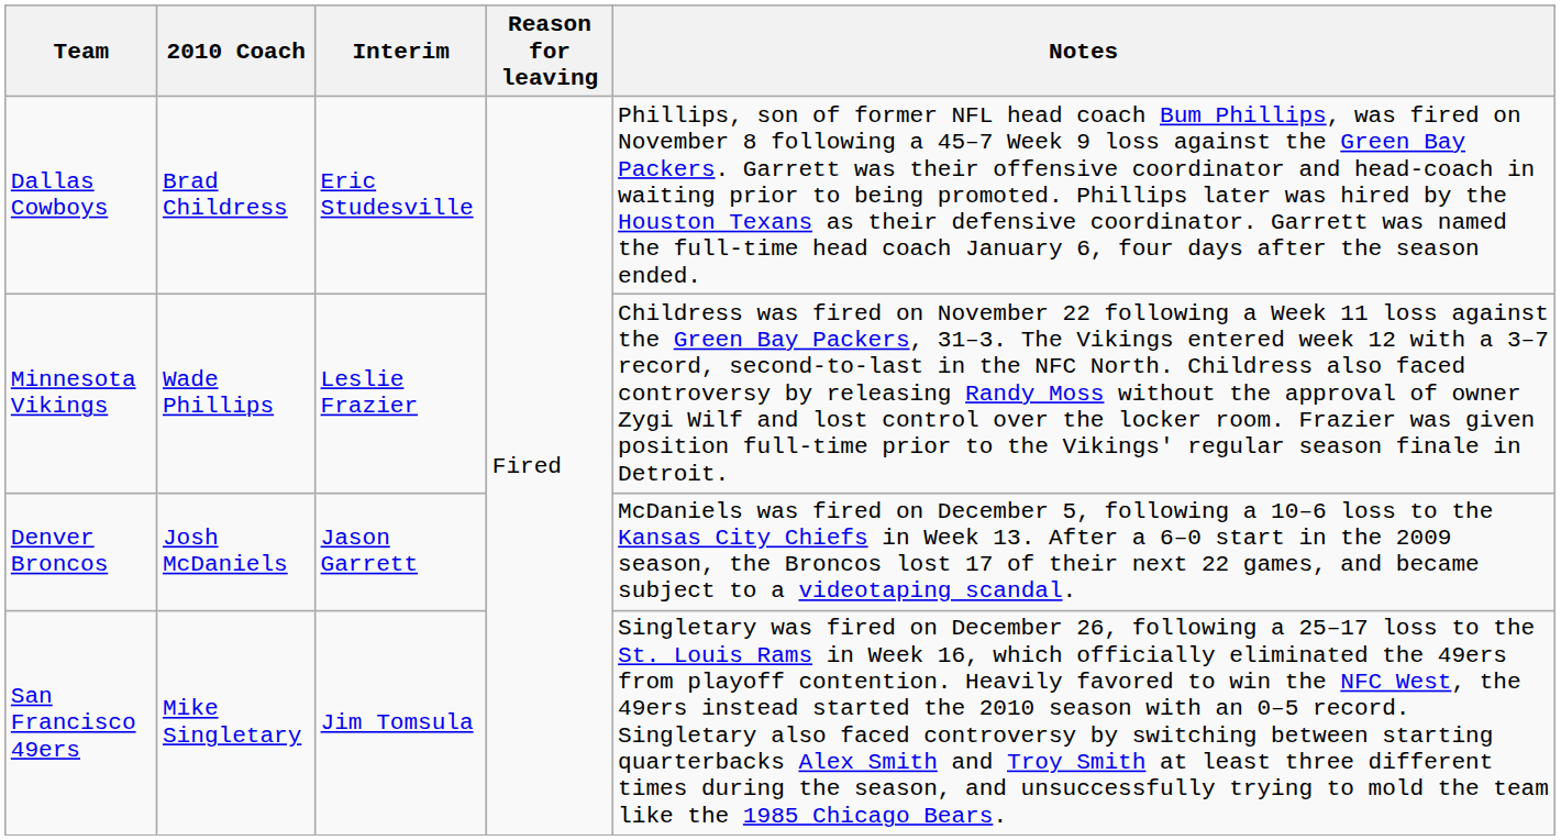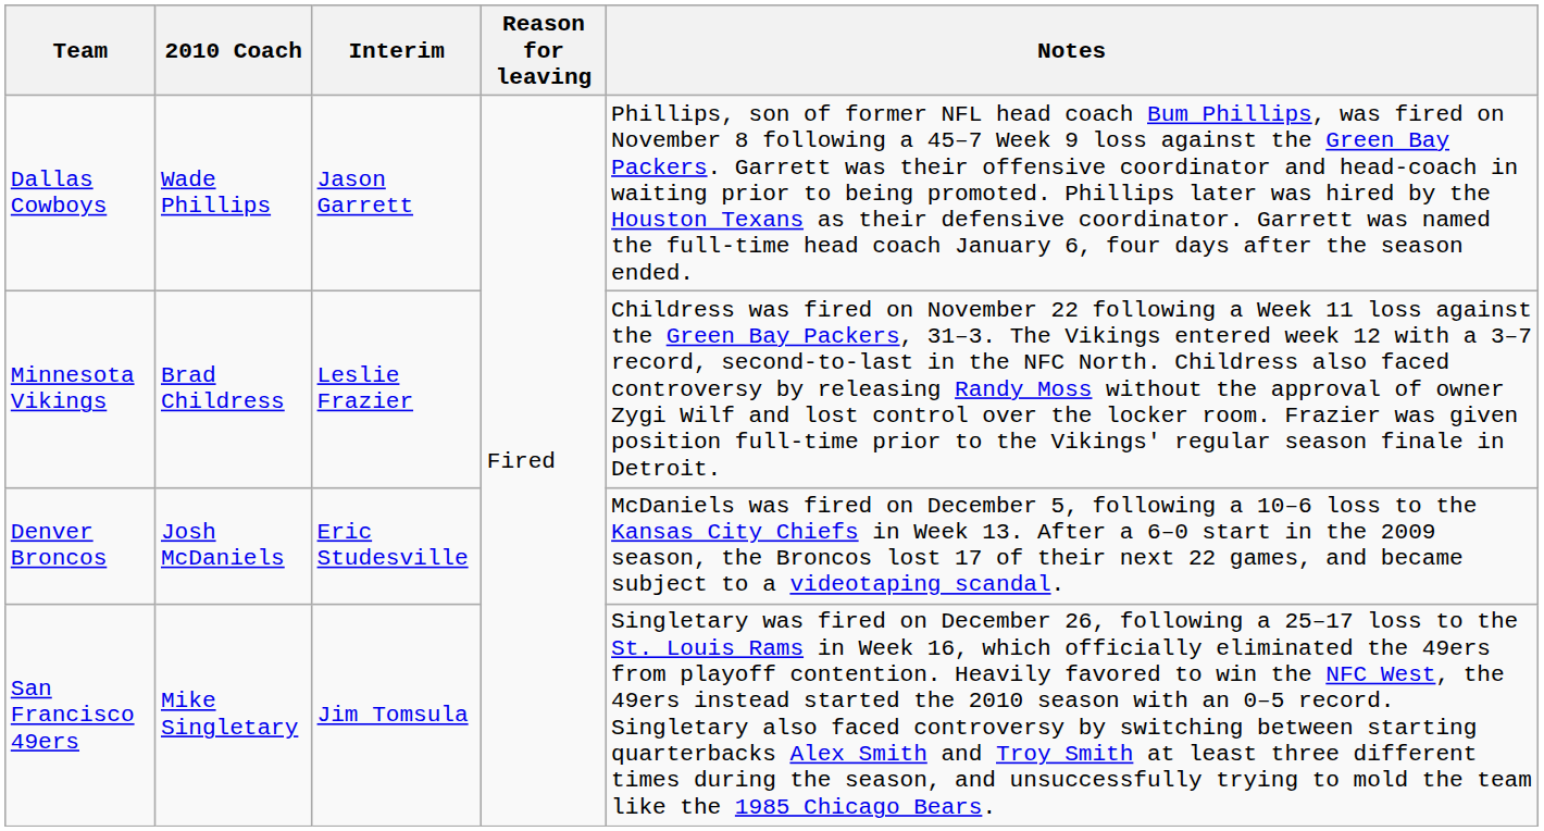 <table class="wikitable">
 <tr>
 <th>Team</th>
 <th>2010 Coach</th>
 <th>Interim</th>
 <th>Reason for leaving</th>
 <th>Notes</th>
 </tr>
 <tr>
 <td><a href='#'>Dallas Cowboys</a></td>
-<td><a href='#'>Brad Childress</a></td>
-<td><a href='#'>Eric Studesville</a></td>
+<td><a href='#'>Wade Phillips</a></td>
+<td><a href='#'>Jason Garrett</a></td>
 <td rowspan="4">Fired</td>
 <td>Phillips, son of former NFL head coach <a href='#'>Bum Phillips</a>, was fired on November 8 following a 45–7 Week 9 loss against the <a href='#'>Green Bay Packers</a>. Garrett was their offensive coordinator and head-coach in waiting prior to being promoted.  Phillips later was hired by the <a href='#'>Houston Texans</a> as their defensive coordinator. Garrett was named the full-time head coach January 6, four days after the season ended.</td>
 </tr>
 <tr>
 <td><a href='#'>Minnesota Vikings</a></td>
-<td><a href='#'>Wade Phillips</a></td>
+<td><a href='#'>Brad Childress</a></td>
 <td><a href='#'>Leslie Frazier</a></td>
 <td>Childress was fired on November 22 following a Week 11 loss against the <a href='#'>Green Bay Packers</a>, 31–3. The Vikings entered week 12 with a 3–7 record, second-to-last in the NFC North. Childress also faced controversy by releasing <a href='#'>Randy Moss</a> without the approval of owner Zygi Wilf and lost control over the locker room. Frazier was given position full-time prior to the Vikings' regular season finale in Detroit.</td>
 </tr>
 <tr>
 <td><a href='#'>Denver Broncos</a></td>
 <td><a href='#'>Josh McDaniels</a></td>
-<td><a href='#'>Jason Garrett</a></td>
+<td><a href='#'>Eric Studesville</a></td>
 <td>McDaniels was fired on December 5, following a 10–6 loss to the <a href='#'>Kansas City Chiefs</a> in Week 13. After a 6–0 start in the 2009 season, the Broncos lost 17 of their next 22 games, and became subject to a <a href='#'>videotaping scandal</a>.</td>
 </tr>
 <tr>
 <td><a href='#'>San Francisco 49ers</a></td>
 <td><a href='#'>Mike Singletary</a></td>
 <td><a href='#'>Jim Tomsula</a></td>
 <td>Singletary was fired on December 26, following a 25–17 loss to the <a href='#'>St. Louis Rams</a> in Week 16, which officially eliminated the 49ers from playoff contention. Heavily favored to win the <a href='#'>NFC West</a>, the 49ers instead started the 2010 season with an 0–5 record. Singletary also faced controversy by switching between starting quarterbacks <a href='#'>Alex Smith</a> and <a href='#'>Troy Smith</a> at least three different times during the season, and unsuccessfully trying to mold the team like the <a href='#'>1985 Chicago Bears</a>.</td>
 </tr>
 </table>
